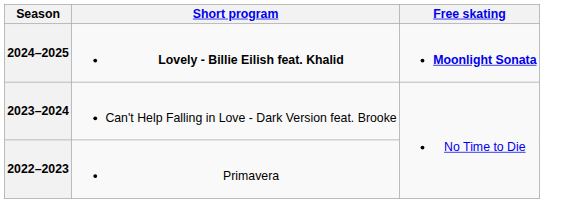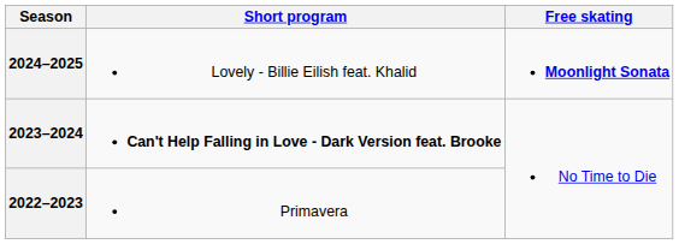 <table class=wikitable style=text-align:center>
 <tr>
 <th>Season</th>
 <th><a href='#'>Short program</a></th>
 <th><a href='#'>Free skating</a></th>
 </tr>
 <tr>
 <th>2024–2025 <br></th>
-<td><strong><br><ul><li>Lovely - Billie Eilish feat. Khalid <br></li></ul></strong></td>
+<td><br><ul><li>Lovely - Billie Eilish feat. Khalid <br></li></ul></td>
 <td><strong><br><ul><li><a href='#'>Moonlight Sonata</a> <br> </li></ul></strong></td>
 </tr>
 <tr>
 <th>2023–2024 <br></th>
-<td><br><ul><li>Can't Help Falling in Love - Dark Version feat. Brooke <br></li></ul></td>
+<td><strong><br><ul><li>Can't Help Falling in Love - Dark Version feat. Brooke <br></li></ul></strong></td>
 <td rowspan=2><br><ul><li><a href='#'>No Time to Die</a> <br> </li></ul></td>
 </tr>
 <tr>
 <th>2022–2023 <br></th>
 <td><br><ul><li>Primavera <br></li></ul></td>
 </tr>
 </table>
